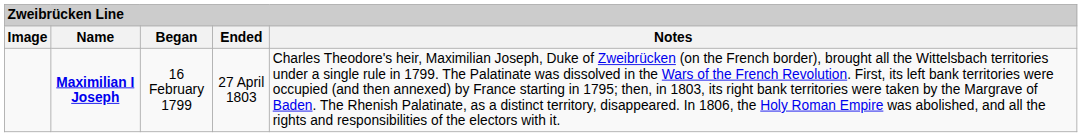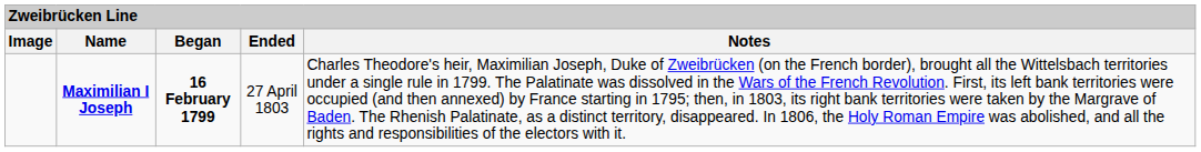 <table class="wikitable">
 <tr>
 <td colspan="5" style="background: #ccc; font-weight: bold;">Zweibrücken Line</td>
 </tr>
 <tr>
 <th scope="col">Image</th>
 <th scope="col">Name</th>
 <th scope="col">Began</th>
 <th scope="col">Ended</th>
 <th scope="col">Notes</th>
 </tr>
 <tr>
 <td></td>
 <td style="text-align: center;"><strong><a href='#'>Maximilian I Joseph</a></strong></td>
-<td style="text-align: center;">16 February 1799</td>
+<td style="text-align: center;"><strong>16 February 1799</strong></td>
 <td style="text-align: center;">27 April 1803</td>
 <td>Charles Theodore's heir, Maximilian Joseph, Duke of <a href='#'>Zweibrücken</a> (on the French border), brought all the Wittelsbach territories under a single rule in 1799. The Palatinate was dissolved in the <a href='#'>Wars of the French Revolution</a>. First, its left bank territories were occupied (and then annexed) by France starting in 1795; then, in 1803, its right bank territories were taken by the Margrave of <a href='#'>Baden</a>. The Rhenish Palatinate, as a distinct territory, disappeared. In 1806, the <a href='#'>Holy Roman Empire</a> was abolished, and all the rights and responsibilities of the electors with it.</td>
 </tr>
 </table>
